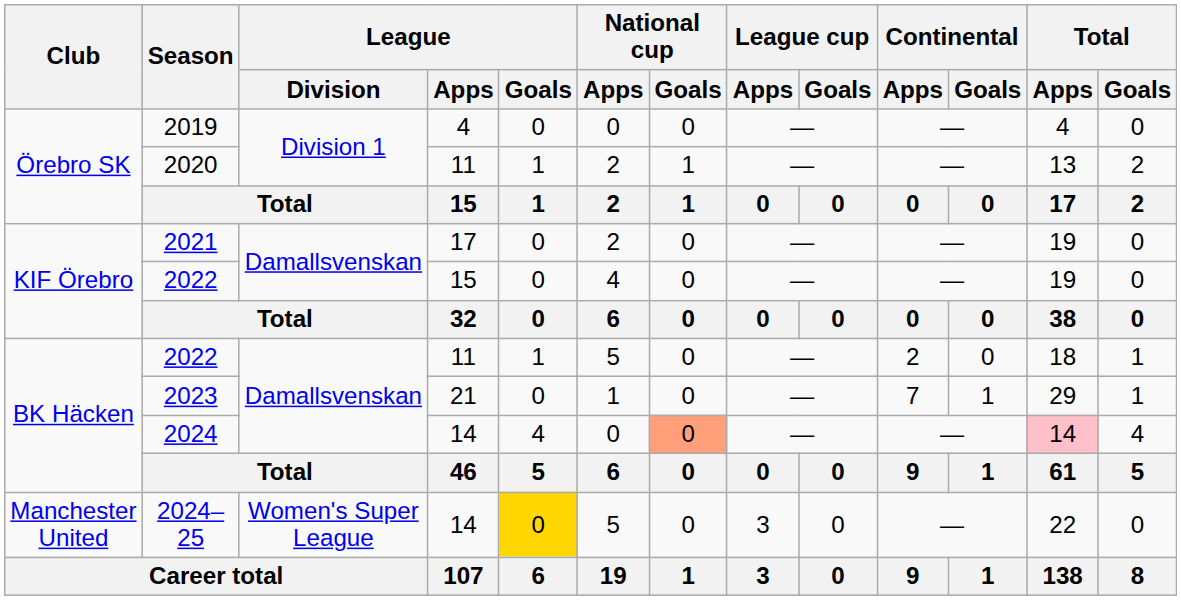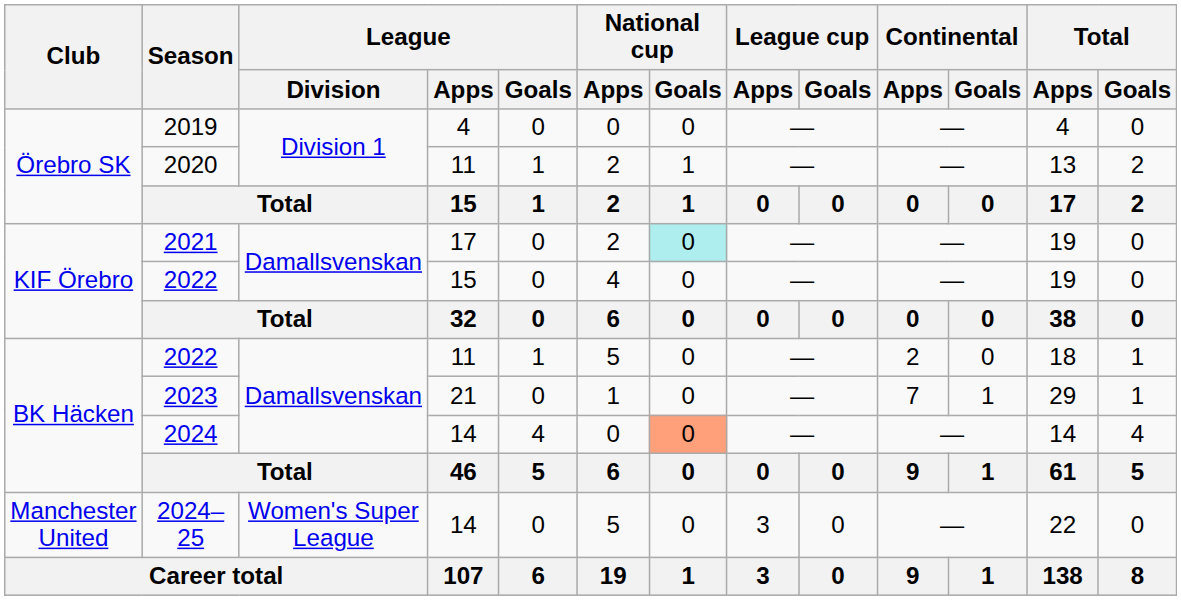 <table class="wikitable" style="text-align:center">
 <tr>
 <th rowspan="2">Club</th>
 <th rowspan="2">Season</th>
 <th colspan="3">League</th>
 <th colspan="2">National cup</th>
 <th colspan="2">League cup</th>
 <th colspan="2">Continental</th>
 <th colspan="2">Total</th>
 </tr>
 <tr>
 <th>Division</th>
 <th>Apps</th>
 <th>Goals</th>
 <th>Apps</th>
 <th>Goals</th>
 <th>Apps</th>
 <th>Goals</th>
 <th>Apps</th>
 <th>Goals</th>
 <th>Apps</th>
 <th>Goals</th>
 </tr>
 <tr>
 <td rowspan="3"><a href='#'>Örebro SK</a></td>
 <td>2019</td>
 <td rowspan="2"><a href='#'>Division 1</a></td>
 <td>4</td>
 <td>0</td>
 <td>0</td>
 <td>0</td>
 <td colspan="2">—</td>
 <td colspan="2">—</td>
 <td>4</td>
 <td>0</td>
 </tr>
 <tr>
 <td>2020</td>
 <td>11</td>
 <td>1</td>
 <td>2</td>
 <td>1</td>
 <td colspan="2">—</td>
 <td colspan="2">—</td>
 <td>13</td>
 <td>2</td>
 </tr>
 <tr>
 <th colspan="2">Total</th>
 <th>15</th>
 <th>1</th>
 <th>2</th>
 <th>1</th>
 <th>0</th>
 <th>0</th>
 <th>0</th>
 <th>0</th>
 <th>17</th>
 <th>2</th>
 </tr>
 <tr>
 <td rowspan="3"><a href='#'>KIF Örebro</a></td>
 <td><a href='#'>2021</a></td>
 <td rowspan="2"><a href='#'>Damallsvenskan</a></td>
 <td>17</td>
 <td>0</td>
 <td>2</td>
-<td>0</td>
+<td style="background: paleturquoise;">0</td>
 <td colspan="2">—</td>
 <td colspan="2">—</td>
 <td>19</td>
 <td>0</td>
 </tr>
 <tr>
 <td><a href='#'>2022</a></td>
 <td>15</td>
 <td>0</td>
 <td>4</td>
 <td>0</td>
 <td colspan="2">—</td>
 <td colspan="2">—</td>
 <td>19</td>
 <td>0</td>
 </tr>
 <tr>
 <th colspan="2">Total</th>
 <th>32</th>
 <th>0</th>
 <th>6</th>
 <th>0</th>
 <th>0</th>
 <th>0</th>
 <th>0</th>
 <th>0</th>
 <th>38</th>
 <th>0</th>
 </tr>
 <tr>
 <td rowspan="4"><a href='#'>BK Häcken</a></td>
 <td><a href='#'>2022</a></td>
 <td rowspan="3"><a href='#'>Damallsvenskan</a></td>
 <td>11</td>
 <td>1</td>
 <td>5</td>
 <td>0</td>
 <td colspan="2">—</td>
 <td>2</td>
 <td>0</td>
 <td>18</td>
 <td>1</td>
 </tr>
 <tr>
 <td><a href='#'>2023</a></td>
 <td>21</td>
 <td>0</td>
 <td>1</td>
 <td>0</td>
 <td colspan="2">—</td>
 <td>7</td>
 <td>1</td>
 <td>29</td>
 <td>1</td>
 </tr>
 <tr>
 <td><a href='#'>2024</a></td>
 <td>14</td>
 <td>4</td>
 <td>0</td>
 <td style="background: lightsalmon;">0</td>
 <td colspan="2">—</td>
 <td colspan="2">—</td>
-<td style="background: pink;">14</td>
+<td>14</td>
 <td>4</td>
 </tr>
 <tr>
 <th colspan="2">Total</th>
 <th>46</th>
 <th>5</th>
 <th>6</th>
 <th>0</th>
 <th>0</th>
 <th>0</th>
 <th>9</th>
 <th>1</th>
 <th>61</th>
 <th>5</th>
 </tr>
 <tr>
 <td><a href='#'>Manchester United</a></td>
 <td><a href='#'>2024–25</a></td>
 <td><a href='#'>Women's Super League</a></td>
 <td>14</td>
-<td style="background: gold;">0</td>
+<td>0</td>
 <td>5</td>
 <td>0</td>
 <td>3</td>
 <td>0</td>
 <td colspan="2">—</td>
 <td>22</td>
 <td>0</td>
 </tr>
 <tr>
 <th colspan="3">Career total</th>
 <th>107</th>
 <th>6</th>
 <th>19</th>
 <th>1</th>
 <th>3</th>
 <th>0</th>
 <th>9</th>
 <th>1</th>
 <th>138</th>
 <th>8</th>
 </tr>
 </table>
